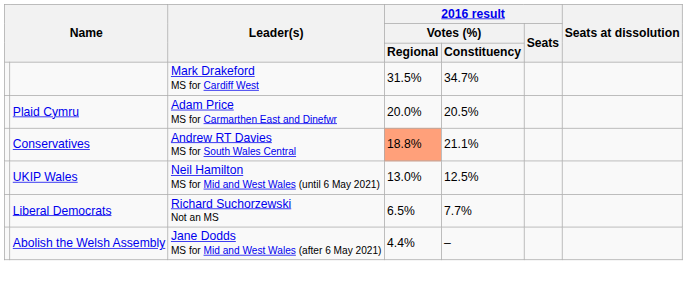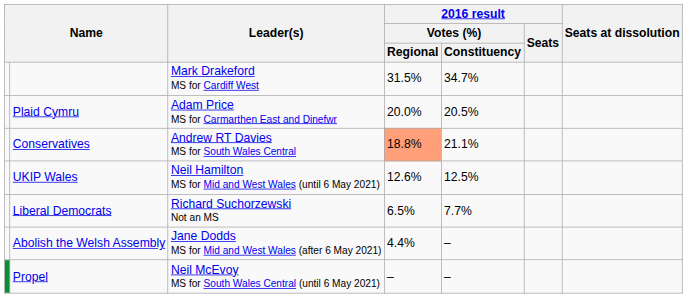 <table class="wikitable">
 <tr>
 <th colspan="2" rowspan="3">Name</th>
 <th rowspan="3">Leader(s)</th>
 <th colspan="3"><a href='#'>2016 result</a></th>
 <th rowspan="3">Seats at dissolution</th>
 </tr>
 <tr>
 <th colspan="2">Votes (%)</th>
 <th rowspan="2">Seats</th>
 </tr>
 <tr>
 <th>Regional</th>
 <th>Constituency</th>
 </tr>
 <tr>
 <td style="background:"></td>
 <td></td>
 <td><a href='#'>Mark Drakeford</a> <br><small>MS for <a href='#'>Cardiff West</a></small></td>
 <td>31.5%</td>
 <td>34.7%</td>
 <td></td>
 <td></td>
 </tr>
 <tr>
 <td style="background:"></td>
 <td><a href='#'>Plaid Cymru</a></td>
 <td><a href='#'>Adam Price</a> <br><small>MS for <a href='#'>Carmarthen East and Dinefwr</a></small></td>
 <td>20.0%</td>
 <td>20.5%</td>
 <td></td>
 <td></td>
 </tr>
 <tr>
 <td style="background:"></td>
 <td><a href='#'>Conservatives</a></td>
 <td><a href='#'>Andrew RT Davies</a> <br><small>MS for <a href='#'>South Wales Central</a></small></td>
 <td style="background: lightsalmon;">18.8%</td>
 <td>21.1%</td>
 <td></td>
 <td></td>
 </tr>
 <tr>
 <td style="background:"></td>
 <td><a href='#'>UKIP Wales</a></td>
 <td><a href='#'>Neil Hamilton</a><br><small>MS for <a href='#'>Mid and West Wales</a> (until 6 May 2021)</small></td>
-<td>13.0%</td>
+<td>12.6%</td>
 <td>12.5%</td>
 <td></td>
 <td></td>
 </tr>
 <tr>
 <td style="background:"></td>
 <td><a href='#'>Liberal Democrats</a></td>
 <td><a href='#'>Richard Suchorzewski</a><br><small>Not an MS</small></td>
 <td>6.5%</td>
 <td>7.7%</td>
 <td></td>
 <td></td>
 </tr>
 <tr>
 <td style="background:"></td>
 <td><a href='#'>Abolish the Welsh Assembly</a></td>
 <td><a href='#'>Jane Dodds</a> <br><small>MS for <a href='#'>Mid and West Wales</a> (after 6 May 2021)</small></td>
 <td>4.4%</td>
 <td>–</td>
 <td></td>
 <td></td>
 </tr>
+<tr>
+<td style="background:#0b8e36;"></td>
+<td><a href='#'>Propel</a></td>
+<td><a href='#'>Neil McEvoy</a> <br><small>MS for <a href='#'>South Wales Central</a> (until 6 May 2021) </small></td>
+<td>–</td>
+<td>–</td>
+<td></td>
+<td></td>
+</tr>
 </table>
